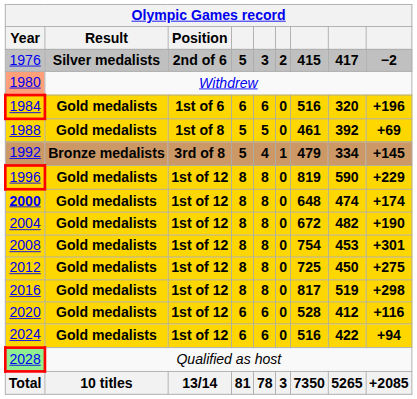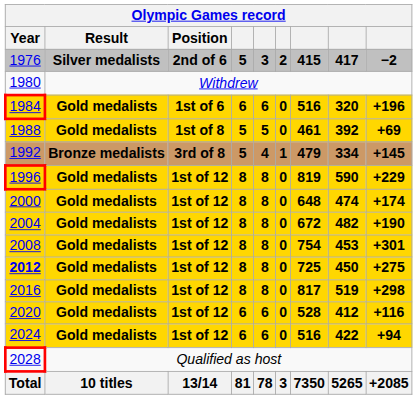 <table class="wikitable" style="text-align: center;">
 <tr>
 <th colspan=9><a href='#'>Olympic Games record</a></th>
 </tr>
 <tr>
 <th>Year</th>
 <th>Result</th>
 <th>Position</th>
 <th></th>
 <th></th>
 <th></th>
 <th></th>
 <th></th>
 <th></th>
 </tr>
 <tr style="background:silver">
 <td> <a href='#'>1976</a></td>
 <td><strong>Silver medalists</strong></td>
 <td><strong>2nd of 6</strong></td>
 <td><strong>5</strong></td>
 <td><strong>3</strong></td>
 <td><strong>2</strong></td>
 <td><strong>415</strong></td>
 <td><strong>417</strong></td>
 <td><strong>−2</strong></td>
 </tr>
 <tr>
-<td style="background: lightsalmon;"> <a href='#'>1980</a></td>
+<td> <a href='#'>1980</a></td>
 <td colspan=8><em><a href='#'>Withdrew</a></em></td>
 </tr>
 <tr style="background:gold">
 <td style="border: 3px solid red"> <a href='#'>1984</a></td>
 <td><strong>Gold medalists</strong></td>
 <td><strong>1st of 6</strong></td>
 <td><strong>6</strong></td>
 <td><strong>6</strong></td>
 <td><strong>0</strong></td>
 <td><strong>516</strong></td>
 <td><strong>320</strong></td>
 <td><strong>+196</strong></td>
 </tr>
 <tr style="background:gold">
 <td> <a href='#'>1988</a></td>
 <td><strong>Gold medalists</strong></td>
 <td><strong>1st of 8</strong></td>
 <td><strong>5</strong></td>
 <td><strong>5</strong></td>
 <td><strong>0</strong></td>
 <td><strong>461</strong></td>
 <td><strong>392</strong></td>
 <td><strong>+69</strong></td>
 </tr>
 <tr style="background:#cc9966">
 <td> <a href='#'>1992</a></td>
 <td><strong>Bronze medalists</strong></td>
 <td><strong>3rd of 8</strong></td>
 <td><strong>5</strong></td>
 <td><strong>4</strong></td>
 <td><strong>1</strong></td>
 <td><strong>479</strong></td>
 <td><strong>334</strong></td>
 <td><strong>+145</strong></td>
 </tr>
 <tr style="background:gold">
 <td style="border: 3px solid red"> <a href='#'>1996</a></td>
 <td><strong>Gold medalists</strong></td>
 <td><strong>1st of 12</strong></td>
 <td><strong>8</strong></td>
 <td><strong>8</strong></td>
 <td><strong>0</strong></td>
 <td><strong>819</strong></td>
 <td><strong>590</strong></td>
 <td><strong>+229</strong></td>
 </tr>
 <tr style="background:gold">
-<td><strong> <a href='#'>2000</a></strong></td>
+<td> <a href='#'>2000</a></td>
 <td><strong>Gold medalists</strong></td>
 <td><strong>1st of 12</strong></td>
 <td><strong>8</strong></td>
 <td><strong>8</strong></td>
 <td><strong>0</strong></td>
 <td><strong>648</strong></td>
 <td><strong>474</strong></td>
 <td><strong>+174</strong></td>
 </tr>
 <tr style="background:gold">
 <td> <a href='#'>2004</a></td>
 <td><strong>Gold medalists</strong></td>
 <td><strong>1st of 12</strong></td>
 <td><strong>8</strong></td>
 <td><strong>8</strong></td>
 <td><strong>0</strong></td>
 <td><strong>672</strong></td>
 <td><strong>482</strong></td>
 <td><strong>+190</strong></td>
 </tr>
 <tr style="background:gold">
 <td> <a href='#'>2008</a></td>
 <td><strong>Gold medalists</strong></td>
 <td><strong>1st of 12</strong></td>
 <td><strong>8</strong></td>
 <td><strong>8</strong></td>
 <td><strong>0</strong></td>
 <td><strong>754</strong></td>
 <td><strong>453</strong></td>
 <td><strong>+301</strong></td>
 </tr>
 <tr style="background:gold">
-<td> <a href='#'>2012</a></td>
+<td><strong> <a href='#'>2012</a></strong></td>
 <td><strong>Gold medalists</strong></td>
 <td><strong>1st of 12</strong></td>
 <td><strong>8</strong></td>
 <td><strong>8</strong></td>
 <td><strong>0</strong></td>
 <td><strong>725</strong></td>
 <td><strong>450</strong></td>
 <td><strong>+275</strong></td>
 </tr>
 <tr style="background:gold">
 <td> <a href='#'>2016</a></td>
 <td><strong>Gold medalists</strong></td>
 <td><strong>1st of 12</strong></td>
 <td><strong>8</strong></td>
 <td><strong>8</strong></td>
 <td><strong>0</strong></td>
 <td><strong>817</strong></td>
 <td><strong>519</strong></td>
 <td><strong>+298</strong></td>
 </tr>
 <tr style="background:gold">
 <td> <a href='#'>2020</a></td>
 <td><strong>Gold medalists</strong></td>
 <td><strong>1st of 12</strong></td>
 <td><strong>6</strong></td>
 <td><strong>6</strong></td>
 <td><strong>0</strong></td>
 <td><strong>528</strong></td>
 <td><strong>412</strong></td>
 <td><strong>+116</strong></td>
 </tr>
 <tr style="background:gold">
 <td> <a href='#'>2024</a></td>
 <td><strong>Gold medalists</strong></td>
 <td><strong>1st of 12</strong></td>
 <td><strong>6</strong></td>
 <td><strong>6</strong></td>
 <td><strong>0</strong></td>
 <td><strong>516</strong></td>
 <td><strong>422</strong></td>
 <td><strong>+94</strong></td>
 </tr>
 <tr>
-<td style="background: lightgreen; border: 3px solid red"> <a href='#'>2028</a></td>
+<td style="border: 3px solid red"> <a href='#'>2028</a></td>
 <td colspan=8><em>Qualified as host</em></td>
 </tr>
 <tr>
 <th>Total</th>
 <th>10 titles</th>
 <th>13/14</th>
 <th>81</th>
 <th>78</th>
 <th>3</th>
 <th>7350</th>
 <th>5265</th>
 <th>+2085</th>
 </tr>
 </table>
